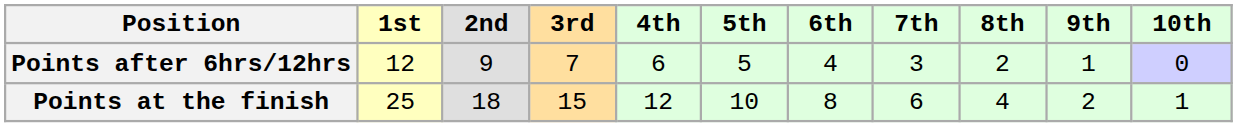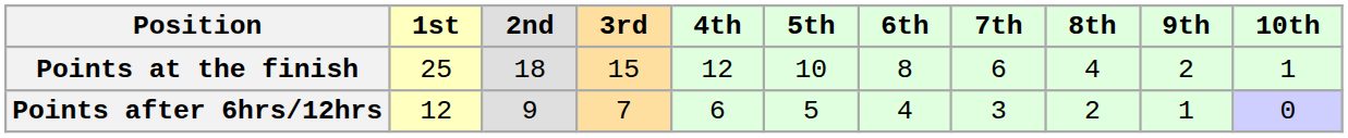 <table class="wikitable" style="font-size:85%; text-align:center">
 <tr>
 <th>Position</th>
 <td style="background:#ffffbf;”"> <strong>1st</strong> </td>
 <td style="background:#dfdfdf;”"> <strong>2nd</strong> </td>
 <td style="background:#ffdf9f;”"> <strong>3rd</strong> </td>
 <td style="background:#dfffdf;”"> <strong>4th</strong> </td>
 <td style="background:#dfffdf;”"> <strong>5th</strong> </td>
 <td style="background:#dfffdf;”"> <strong>6th</strong> </td>
 <td style="background:#dfffdf;”"> <strong>7th</strong> </td>
 <td style="background:#dfffdf;”"> <strong>8th</strong> </td>
 <td style="background:#dfffdf;”"> <strong>9th</strong> </td>
 <td style="background:#dfffdf;”"> <strong>10th</strong> </td>
 </tr>
 <tr>
+<th>Points at the finish</th>
+<td style="background:#ffffbf;”">25</td>
+<td style="background:#dfdfdf;”">18</td>
+<td style="background:#ffdf9f;”">15</td>
+<td style="background:#dfffdf;”">12</td>
+<td style="background:#dfffdf;”">10</td>
+<td style="background:#dfffdf;”">8</td>
+<td style="background:#dfffdf;”">6</td>
+<td style="background:#dfffdf;”">4</td>
+<td style="background:#dfffdf;”">2</td>
+<td style="background:#dfffdf;”">1</td>
+</tr>
+<tr>
 <th>Points after 6hrs/12hrs</th>
 <td style="background:#ffffbf;”">12</td>
 <td style="background:#dfdfdf;”">9</td>
 <td style="background:#ffdf9f;”">7</td>
 <td style="background:#dfffdf;”">6</td>
 <td style="background:#dfffdf;”">5</td>
 <td style="background:#dfffdf;”">4</td>
 <td style="background:#dfffdf;”">3</td>
 <td style="background:#dfffdf;”">2</td>
 <td style="background:#dfffdf;”">1</td>
 <td style="background:#cfcfff;”">0</td>
 </tr>
-<tr>
-<th>Points at the finish</th>
-<td style="background:#ffffbf;”">25</td>
-<td style="background:#dfdfdf;”">18</td>
-<td style="background:#ffdf9f;”">15</td>
-<td style="background:#dfffdf;”">12</td>
-<td style="background:#dfffdf;”">10</td>
-<td style="background:#dfffdf;”">8</td>
-<td style="background:#dfffdf;”">6</td>
-<td style="background:#dfffdf;”">4</td>
-<td style="background:#dfffdf;”">2</td>
-<td style="background:#dfffdf;”">1</td>
-</tr>
 </table>
